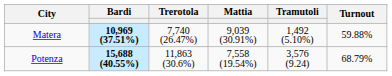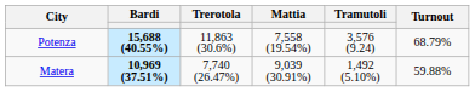 <table class="wikitable" style="text-align:center;font-size:85%;line-height:13px">
 <tr>
 <th rowspan="2" style="width:110px;">City</th>
 <th style="width:75px;">Bardi</th>
 <th style="width:75px;">Trerotola</th>
 <th style="width:75px;">Mattia</th>
 <th style="width:75px;">Tramutoli</th>
 <th rowspan="2" style="width:75px;">Turnout</th>
 </tr>
 <tr>
 <th style="background:"></th>
 <th style="background:"></th>
 <th style="background:"></th>
 <th style="background:"></th>
 </tr>
 <tr>
+<td><a href='#'>Potenza</a></td>
+<td style="background:#C8EBFF"><strong>15,688</strong><br><strong>(40.55%)</strong></td>
+<td>11,863<br>(30.6%)</td>
+<td>7,558<br>(19.54%)</td>
+<td>3,576<br>(9.24)</td>
+<td>68.79%</td>
+</tr>
+<tr>
 <td><a href='#'>Matera</a></td>
 <td style="background:#C8EBFF"><strong>10,969</strong><br><strong>(37.51%)</strong></td>
 <td>7,740<br>(26.47%)</td>
 <td>9,039<br>(30.91%)</td>
 <td>1,492<br>(5.10%)</td>
 <td>59.88%</td>
 </tr>
-<tr>
-<td><a href='#'>Potenza</a></td>
-<td style="background:#C8EBFF"><strong>15,688</strong><br><strong>(40.55%)</strong></td>
-<td>11,863<br>(30.6%)</td>
-<td>7,558<br>(19.54%)</td>
-<td>3,576<br>(9.24)</td>
-<td>68.79%</td>
-</tr>
 </table>
